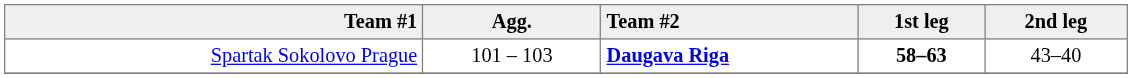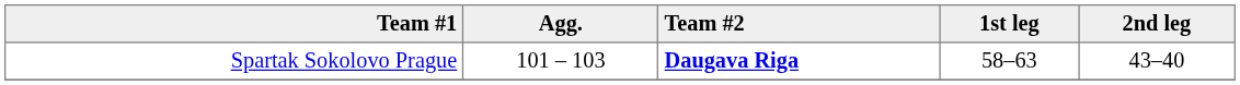 <table border=1 cellspacing=0 cellpadding=4 style="border-collapse: collapse;" width=70%>
 <tr bgcolor="efefef">
 <th align=right>Team #1</th>
 <th>Agg.</th>
 <th align=left>Team #2</th>
 <th>1st leg</th>
 <th>2nd leg</th>
 </tr>
 <tr>
 <td align=right><a href='#'>Spartak Sokolovo Prague</a> </td>
 <td align=center>101 – 103</td>
 <td> <strong><a href='#'>Daugava Riga</a></strong></td>
-<td align=center><strong>58–63</strong></td>
+<td align=center>58–63</td>
 <td align=center>43–40</td>
 </tr>
 <tr>
 </tr>
 </table>
